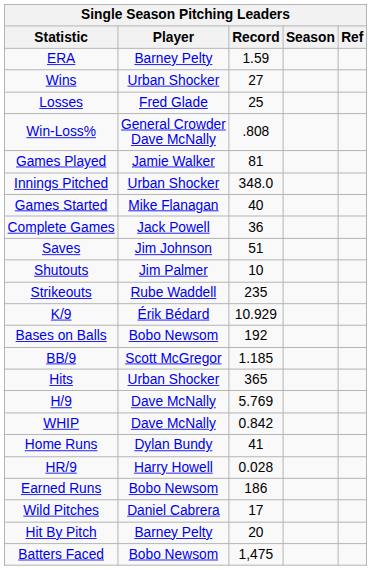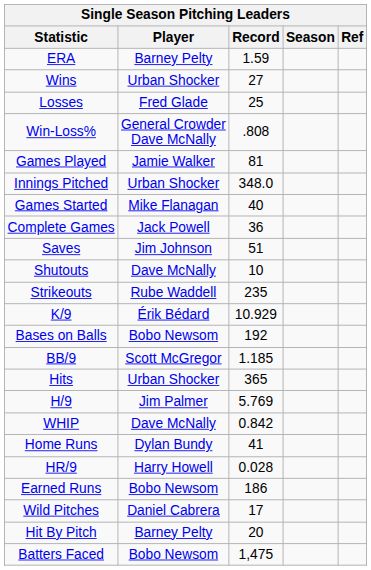 <table class="wikitable sortable" style="text-align:center">
 <tr>
 <th colspan=5>Single Season Pitching Leaders</th>
 </tr>
 <tr>
 <th scope="col">Statistic</th>
 <th scope="col">Player</th>
 <th scope="col" class="unsortable">Record</th>
 <th scope="col">Season</th>
 <th scope="col" class="unsortable">Ref</th>
 </tr>
 <tr>
 <td><a href='#'>ERA</a></td>
 <td><a href='#'>Barney Pelty</a></td>
 <td>1.59</td>
 <td></td>
 <td></td>
 </tr>
 <tr>
 <td><a href='#'>Wins</a></td>
 <td><a href='#'>Urban Shocker</a></td>
 <td>27</td>
 <td></td>
 <td></td>
 </tr>
 <tr>
 <td><a href='#'>Losses</a></td>
 <td><a href='#'>Fred Glade</a></td>
 <td>25</td>
 <td></td>
 <td></td>
 </tr>
 <tr>
 <td><a href='#'>Win-Loss%</a></td>
 <td><a href='#'>General Crowder</a><br><a href='#'>Dave McNally</a></td>
 <td>.808</td>
 <td><br></td>
 <td><br></td>
 </tr>
 <tr>
 <td><a href='#'>Games Played</a></td>
 <td><a href='#'>Jamie Walker</a></td>
 <td>81</td>
 <td></td>
 <td></td>
 </tr>
 <tr>
 <td><a href='#'>Innings Pitched</a></td>
 <td><a href='#'>Urban Shocker</a></td>
 <td>348.0</td>
 <td></td>
 <td></td>
 </tr>
 <tr>
 <td><a href='#'>Games Started</a></td>
 <td><a href='#'>Mike Flanagan</a></td>
 <td>40</td>
 <td></td>
 <td></td>
 </tr>
 <tr>
 <td><a href='#'>Complete Games</a></td>
 <td><a href='#'>Jack Powell</a></td>
 <td>36</td>
 <td></td>
 <td></td>
 </tr>
 <tr>
 <td><a href='#'>Saves</a></td>
 <td><a href='#'>Jim Johnson</a></td>
 <td>51</td>
 <td></td>
 <td></td>
 </tr>
 <tr>
 <td><a href='#'>Shutouts</a></td>
-<td><a href='#'>Jim Palmer</a></td>
+<td><a href='#'>Dave McNally</a></td>
 <td>10</td>
 <td></td>
 <td></td>
 </tr>
 <tr>
 <td><a href='#'>Strikeouts</a></td>
 <td><a href='#'>Rube Waddell</a></td>
 <td>235</td>
 <td></td>
 <td></td>
 </tr>
 <tr>
 <td><a href='#'>K/9</a></td>
 <td><a href='#'>Érik Bédard</a></td>
 <td>10.929</td>
 <td></td>
 <td></td>
 </tr>
 <tr>
 <td><a href='#'>Bases on Balls</a></td>
 <td><a href='#'>Bobo Newsom</a></td>
 <td>192</td>
 <td></td>
 <td></td>
 </tr>
 <tr>
 <td><a href='#'>BB/9</a></td>
 <td><a href='#'>Scott McGregor</a></td>
 <td>1.185</td>
 <td></td>
 <td></td>
 </tr>
 <tr>
 <td><a href='#'>Hits</a></td>
 <td><a href='#'>Urban Shocker</a></td>
 <td>365</td>
 <td></td>
 <td></td>
 </tr>
 <tr>
 <td><a href='#'>H/9</a></td>
-<td><a href='#'>Dave McNally</a></td>
+<td><a href='#'>Jim Palmer</a></td>
 <td>5.769</td>
 <td></td>
 <td></td>
 </tr>
 <tr>
 <td><a href='#'>WHIP</a></td>
 <td><a href='#'>Dave McNally</a></td>
 <td>0.842</td>
 <td></td>
 <td></td>
 </tr>
 <tr>
 <td><a href='#'>Home Runs</a></td>
 <td><a href='#'>Dylan Bundy</a></td>
 <td>41</td>
 <td></td>
 <td></td>
 </tr>
 <tr>
 <td><a href='#'>HR/9</a></td>
 <td><a href='#'>Harry Howell</a></td>
 <td>0.028</td>
 <td></td>
 <td></td>
 </tr>
 <tr>
 <td><a href='#'>Earned Runs</a></td>
 <td><a href='#'>Bobo Newsom</a></td>
 <td>186</td>
 <td></td>
 <td></td>
 </tr>
 <tr>
 <td><a href='#'>Wild Pitches</a></td>
 <td><a href='#'>Daniel Cabrera</a></td>
 <td>17</td>
 <td></td>
 <td></td>
 </tr>
 <tr>
 <td><a href='#'>Hit By Pitch</a></td>
 <td><a href='#'>Barney Pelty</a></td>
 <td>20</td>
 <td></td>
 <td></td>
 </tr>
 <tr>
 <td><a href='#'>Batters Faced</a></td>
 <td><a href='#'>Bobo Newsom</a></td>
 <td>1,475</td>
 <td></td>
 <td></td>
 </tr>
 </table>
